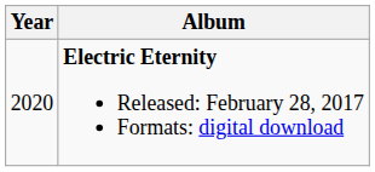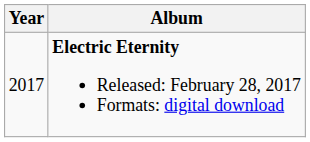 <table class="wikitable">
 <tr>
 <th>Year</th>
 <th>Album</th>
 </tr>
 <tr>
-<td>2020</td>
+<td>2017</td>
 <td><strong>Electric Eternity</strong><br><ul><li>Released: February 28, 2017</li><li>Formats: <a href='#'>digital download</a></li></ul></td>
 </tr>
 </table>
